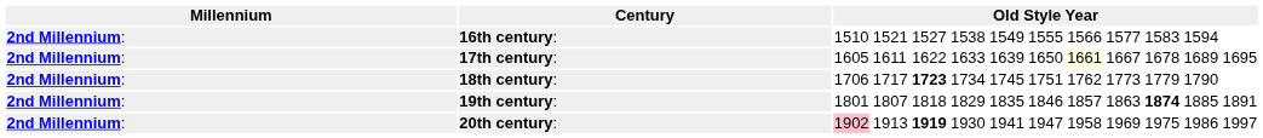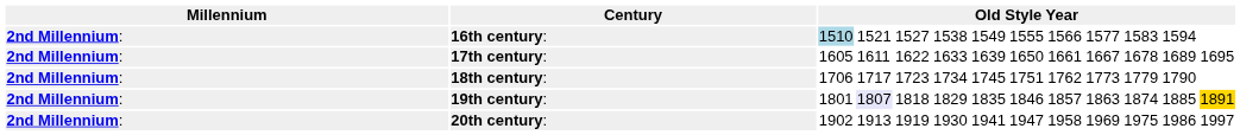 <table>
 <tr style="background-color:#efefef;">
 <th>Millennium</th>
 <th>Century</th>
 <th align="center" colspan="11">Old Style Year</th>
 </tr>
 <tr>
 <td style="background-color:#efefef;"><strong><a href='#'>2nd Millennium</a></strong>:</td>
 <td style="background-color:#efefef;"><strong>16th century</strong>:</td>
-<td width="3%">1510</td>
+<td width="3%" style="background: lightblue;">1510</td>
 <td width="3%">1521</td>
 <td width="3%">1527</td>
 <td width="3%">1538</td>
 <td width="3%">1549</td>
 <td width="3%">1555</td>
 <td width="3%">1566</td>
 <td width="3%">1577</td>
 <td width="3%">1583</td>
 <td width="3%">1594</td>
 </tr>
 <tr>
 <td style="background-color:#efefef;"><strong><a href='#'>2nd Millennium</a></strong>:</td>
 <td style="background-color:#efefef;"><strong>17th century</strong>:</td>
 <td width="3%">1605</td>
 <td width="3%">1611</td>
 <td width="3%">1622</td>
 <td width="3%">1633</td>
 <td width="3%">1639</td>
 <td width="3%">1650</td>
-<td width="3%" style="background: lightyellow;">1661</td>
+<td width="3%">1661</td>
 <td width="3%">1667</td>
 <td width="3%">1678</td>
 <td width="3%">1689</td>
 <td width="3%">1695</td>
 </tr>
 <tr>
 <td style="background-color:#efefef;"><strong><a href='#'>2nd Millennium</a></strong>:</td>
 <td style="background-color:#efefef;"><strong>18th century</strong>:</td>
 <td width="3%">1706</td>
 <td width="3%">1717</td>
-<td width="3%"><strong>1723</strong></td>
+<td width="3%">1723</td>
 <td width="3%">1734</td>
 <td width="3%">1745</td>
 <td width="3%">1751</td>
 <td width="3%">1762</td>
 <td width="3%">1773</td>
 <td width="3%">1779</td>
 <td width="3%">1790</td>
 </tr>
 <tr>
 <td style="background-color:#efefef;"><strong><a href='#'>2nd Millennium</a></strong>:</td>
 <td style="background-color:#efefef;"><strong>19th century</strong>:</td>
 <td width="3%">1801</td>
-<td width="3%">1807</td>
+<td width="3%" style="background: lavender;">1807</td>
 <td width="3%">1818</td>
 <td width="3%">1829</td>
 <td width="3%">1835</td>
 <td width="3%">1846</td>
 <td width="3%">1857</td>
 <td width="3%">1863</td>
-<td width="3%"><strong>1874</strong></td>
+<td width="3%">1874</td>
 <td width="3%">1885</td>
-<td width="3%">1891</td>
+<td width="3%" style="background: gold;">1891</td>
 </tr>
 <tr>
 <td style="background-color:#efefef;"><strong><a href='#'>2nd Millennium</a></strong>:</td>
 <td style="background-color:#efefef;"><strong>20th century</strong>:</td>
-<td width="3%" style="background: pink;">1902</td>
+<td width="3%">1902</td>
 <td width="3%">1913</td>
-<td width="3%"><strong>1919</strong></td>
+<td width="3%">1919</td>
 <td width="3%">1930</td>
 <td width="3%">1941</td>
 <td width="3%">1947</td>
 <td width="3%">1958</td>
 <td width="3%">1969</td>
 <td width="3%">1975</td>
 <td width="3%">1986</td>
 <td width="3%">1997</td>
 </tr>
 </table>
